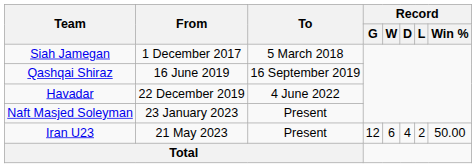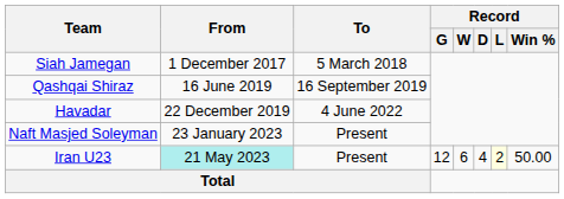 <table class="wikitable" style="text-align: center">
 <tr>
 <th rowspan="2">Team</th>
 <th rowspan="2">From</th>
 <th rowspan="2">To</th>
 <th colspan="5">Record</th>
 </tr>
 <tr>
 <th>G</th>
 <th>W</th>
 <th>D</th>
 <th>L</th>
 <th>Win %</th>
 </tr>
 <tr>
 <td><a href='#'>Siah Jamegan</a></td>
 <td>1 December 2017</td>
 <td>5 March 2018<br></td>
 </tr>
 <tr>
 <td><a href='#'>Qashqai Shiraz</a></td>
 <td>16 June 2019</td>
 <td>16 September 2019<br></td>
 </tr>
 <tr>
 <td><a href='#'>Havadar</a></td>
 <td>22 December 2019</td>
 <td>4 June 2022<br></td>
 </tr>
 <tr>
 <td><a href='#'>Naft Masjed Soleyman</a></td>
 <td>23 January 2023</td>
 <td>Present<br></td>
 </tr>
 <tr>
 <td><a href='#'>Iran U23</a></td>
-<td>21 May 2023</td>
+<td style="background: paleturquoise;">21 May 2023</td>
 <td>Present</td>
 <td style="text-align:center">12</td>
 <td style="text-align:center">6</td>
 <td style="text-align:center">4</td>
-<td style="text-align:center">2</td>
+<td style="background: lightyellow; text-align:center">2</td>
 <td>50.00</td>
 </tr>
 <tr>
 <th colspan="3">Total<br></th>
 </tr>
 </table>
